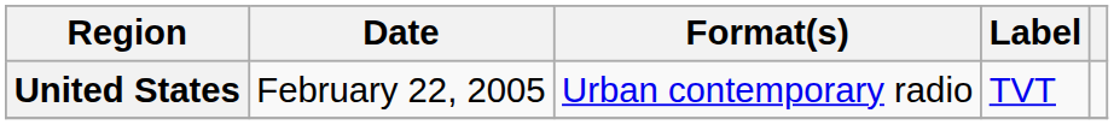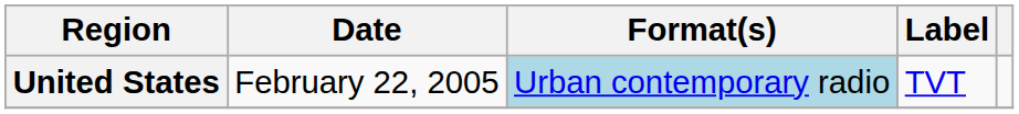 <table class="wikitable plainrowheaders">
 <tr>
 <th scope="col">Region</th>
 <th scope="col">Date</th>
 <th scope="col">Format(s)</th>
 <th scope="col">Label</th>
 <th scope="col"></th>
 </tr>
 <tr>
 <th scope="row">United States</th>
 <td>February 22, 2005</td>
-<td><a href='#'>Urban contemporary</a> radio</td>
+<td style="background: lightblue;"><a href='#'>Urban contemporary</a> radio</td>
 <td><a href='#'>TVT</a></td>
 <td></td>
 </tr>
 <tr>
 </tr>
 </table>
